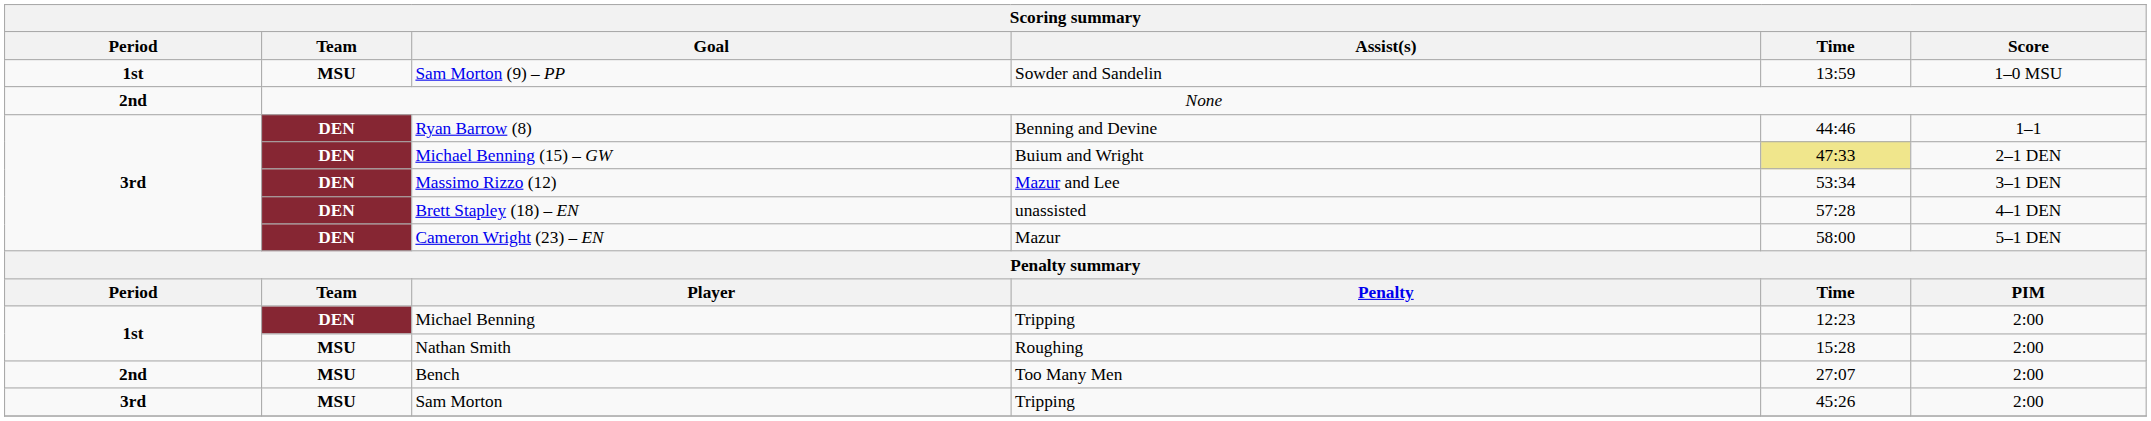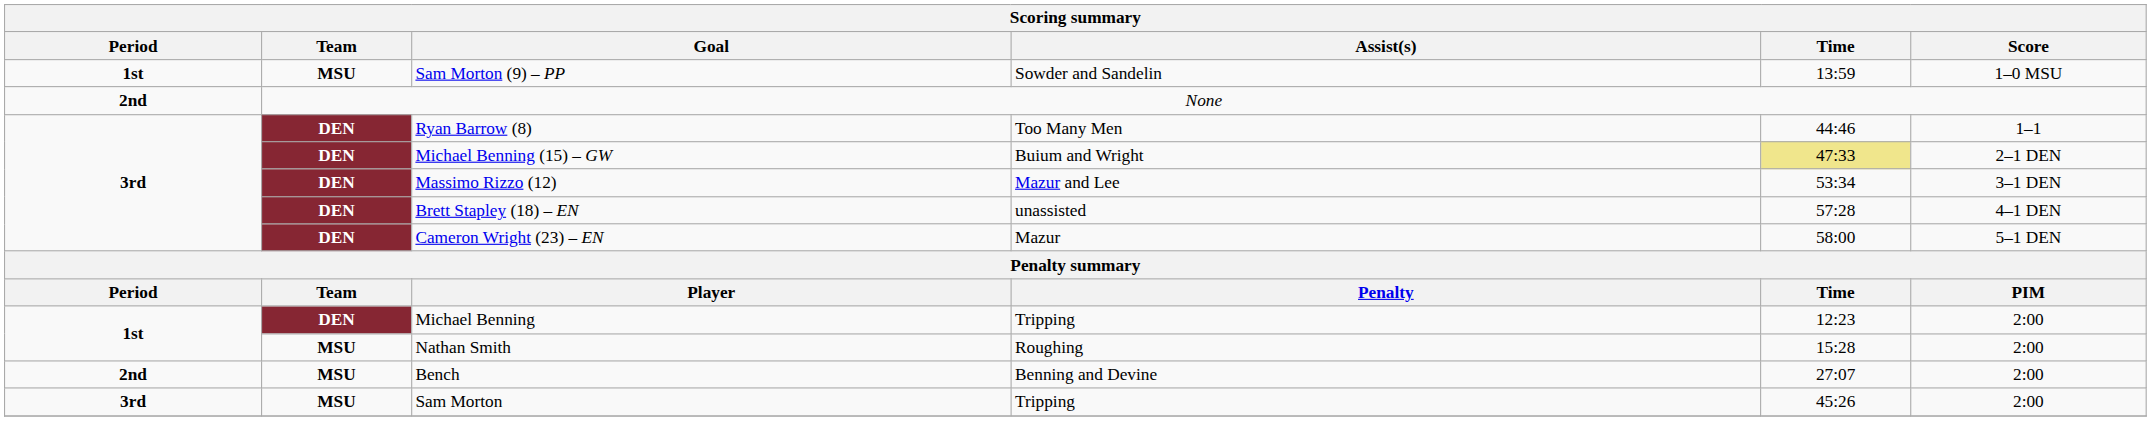 <table style="width:100%;" class="wikitable">
 <tr>
 <th colspan=6>Scoring summary</th>
 </tr>
 <tr>
 <th style="width:12%;">Period</th>
 <th style="width:7%;">Team</th>
 <th style="width:28%;">Goal</th>
 <th style="width:35%;">Assist(s)</th>
 <th style="width:7%;">Time</th>
 <th style="width:11%;">Score</th>
 </tr>
 <tr>
 <td style="text-align:center;" rowspan="1"><strong>1st</strong></td>
 <td align=center><strong>MSU</strong></td>
 <td><a href='#'>Sam Morton</a> (9) – <em>PP</em></td>
 <td>Sowder and Sandelin</td>
 <td align=center>13:59</td>
 <td align=center>1–0 MSU</td>
 </tr>
 <tr>
 <td style="text-align:center;" rowspan="1"><strong>2nd</strong></td>
 <td style="text-align:center;" colspan="5"><em>None</em></td>
 </tr>
 <tr>
 <td style="text-align:center;" rowspan="5"><strong>3rd</strong></td>
 <td align=center style="color:white; background:#862633; "><strong>DEN</strong></td>
 <td><a href='#'>Ryan Barrow</a> (8)</td>
-<td>Benning and Devine</td>
+<td>Too Many Men</td>
 <td align=center>44:46</td>
 <td align=center>1–1</td>
 </tr>
 <tr>
 <td align=center style="color:white; background:#862633; "><strong>DEN</strong></td>
 <td><a href='#'>Michael Benning</a> (15) – <em>GW</em></td>
 <td>Buium and Wright</td>
 <td align=center style="background: khaki;">47:33</td>
 <td align=center>2–1 DEN</td>
 </tr>
 <tr>
 <td align=center style="color:white; background:#862633; "><strong>DEN</strong></td>
 <td><a href='#'>Massimo Rizzo</a> (12)</td>
 <td><a href='#'>Mazur</a> and Lee</td>
 <td align=center>53:34</td>
 <td align=center>3–1 DEN</td>
 </tr>
 <tr>
 <td align=center style="color:white; background:#862633; "><strong>DEN</strong></td>
 <td><a href='#'>Brett Stapley</a> (18) – <em>EN</em></td>
 <td>unassisted</td>
 <td align=center>57:28</td>
 <td align=center>4–1 DEN</td>
 </tr>
 <tr>
 <td align=center style="color:white; background:#862633; "><strong>DEN</strong></td>
 <td><a href='#'>Cameron Wright</a> (23) – <em>EN</em></td>
 <td>Mazur</td>
 <td align=center>58:00</td>
 <td align=center>5–1 DEN</td>
 </tr>
 <tr>
 <th colspan=6>Penalty summary</th>
 </tr>
 <tr>
 <th style="width:12%;">Period</th>
 <th style="width:7%;">Team</th>
 <th style="width:28%;">Player</th>
 <th style="width:35%;"><a href='#'>Penalty</a></th>
 <th style="width:7%;">Time</th>
 <th style="width:11%;">PIM</th>
 </tr>
 <tr>
 <td style="text-align:center;" rowspan="2"><strong>1st</strong></td>
 <td align=center style="color:white; background:#862633; "><strong>DEN</strong></td>
 <td>Michael Benning</td>
 <td>Tripping</td>
 <td align=center>12:23</td>
 <td align=center>2:00</td>
 </tr>
 <tr>
 <td align=center><strong>MSU</strong></td>
 <td>Nathan Smith</td>
 <td>Roughing</td>
 <td align=center>15:28</td>
 <td align=center>2:00</td>
 </tr>
 <tr>
 <td style="text-align:center;" rowspan="1"><strong>2nd</strong></td>
 <td align=center><strong>MSU</strong></td>
 <td>Bench</td>
-<td>Too Many Men</td>
+<td>Benning and Devine</td>
 <td align=center>27:07</td>
 <td align=center>2:00</td>
 </tr>
 <tr>
 <td style="text-align:center;" rowspan="1"><strong>3rd</strong></td>
 <td align=center><strong>MSU</strong></td>
 <td>Sam Morton</td>
 <td>Tripping</td>
 <td align=center>45:26</td>
 <td align=center>2:00</td>
 </tr>
 <tr>
 </tr>
 </table>
